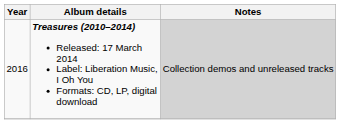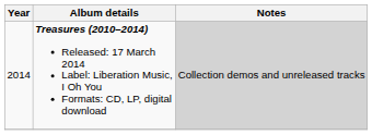 <table class="wikitable" style="text-align:center;">
 <tr>
 <th>Year</th>
 <th width="210">Album details</th>
 <th>Notes</th>
 </tr>
 <tr>
-<td>2016</td>
+<td>2014</td>
 <td align="left"><strong><em>Treasures (2010–2014)</em></strong><br><ul><li>Released: 17 March 2014</li><li>Label: Liberation Music, I Oh You</li><li>Formats: CD, LP, digital download</li></ul></td>
 <td style="background: lightgrey;">Collection demos and unreleased tracks</td>
 </tr>
 <tr>
 </tr>
 </table>
